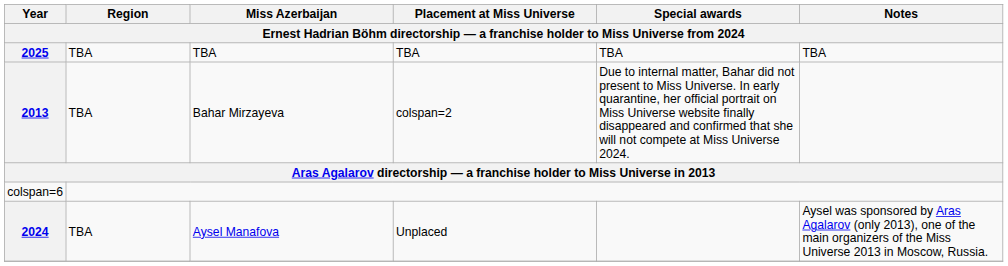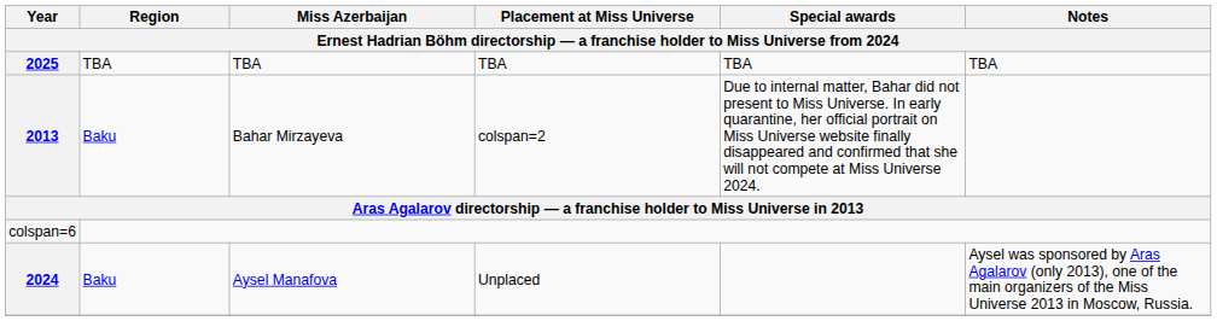 <table class="wikitable " style="font-size: 95%;">
 <tr>
 <th width="60">Year</th>
 <th width="150">Region</th>
 <th width="250">Miss Azerbaijan</th>
 <th width="250">Placement at Miss Universe</th>
 <th width="250">Special awards</th>
 <th width="250">Notes</th>
 </tr>
 <tr>
 <th colspan="6">Ernest Hadrian Böhm directorship — a franchise holder to Miss Universe from 2024</th>
 </tr>
 <tr>
 <th><a href='#'>2025</a></th>
 <td>TBA</td>
 <td>TBA</td>
 <td>TBA</td>
 <td>TBA</td>
 <td>TBA</td>
 </tr>
 <tr>
 <th><a href='#'>2013</a></th>
-<td>TBA</td>
+<td><a href='#'>Baku</a></td>
 <td>Bahar Mirzayeva</td>
 <td>colspan=2 </td>
 <td>Due to internal matter, Bahar did not present to Miss Universe. In early quarantine, her official portrait on Miss Universe website finally disappeared and confirmed that she will not compete at Miss Universe 2024.</td>
 </tr>
 <tr>
 <th colspan="6"><a href='#'>Aras Agalarov</a> directorship — a franchise holder to Miss Universe in 2013</th>
 </tr>
 <tr>
 <td>colspan=6 </td>
 </tr>
 <tr>
 <th><a href='#'>2024</a></th>
-<td>TBA</td>
+<td><a href='#'>Baku</a></td>
 <td><a href='#'>Aysel Manafova</a></td>
 <td>Unplaced</td>
 <td></td>
 <td>Aysel was sponsored by <a href='#'>Aras Agalarov</a> (only 2013), one of the main organizers of the Miss Universe 2013 in Moscow, Russia.</td>
 </tr>
 <tr>
 </tr>
 </table>
